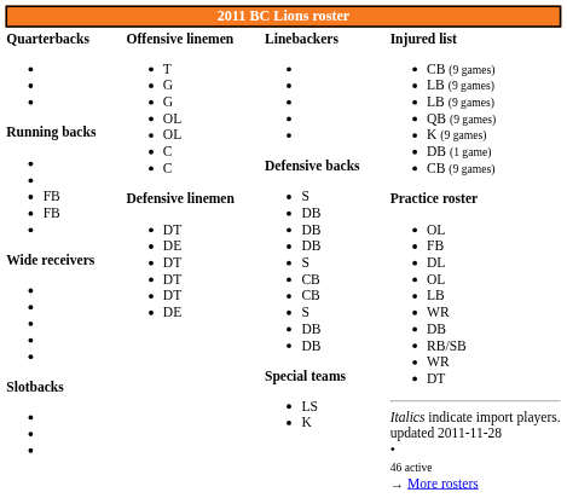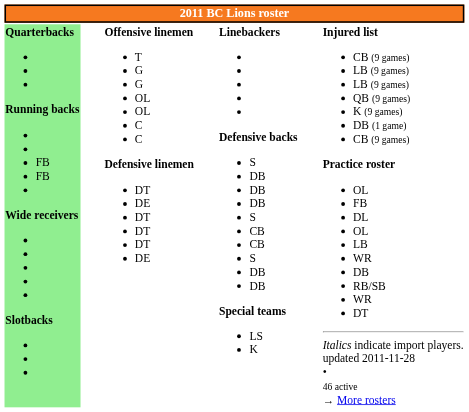 <table class="toccolours" style="text-align: left;">
 <tr>
 <th colspan="7" style="text-align:center; background:#f6791f; color:white; border:2px solid black;">2011 BC Lions roster</th>
 </tr>
 <tr>
-<td style="font-size:95%; vertical-align:top;"><strong>Quarterbacks</strong><br><ul><li></li><li></li><li></li></ul><strong>Running backs</strong><ul><li></li><li></li><li> FB</li><li> FB</li><li></li></ul><strong>Wide receivers</strong><ul><li></li><li></li><li></li><li></li><li></li></ul><strong>Slotbacks</strong><ul><li></li><li></li><li></li></ul></td>
+<td style="background: lightgreen; font-size:95%; vertical-align:top;"><strong>Quarterbacks</strong><br><ul><li></li><li></li><li></li></ul><strong>Running backs</strong><ul><li></li><li></li><li> FB</li><li> FB</li><li></li></ul><strong>Wide receivers</strong><ul><li></li><li></li><li></li><li></li><li></li></ul><strong>Slotbacks</strong><ul><li></li><li></li><li></li></ul></td>
 <td style="width: 25px;"></td>
 <td style="font-size:95%; vertical-align:top;"><strong>Offensive linemen</strong><br><ul><li> T</li><li> G</li><li> G</li><li> OL</li><li> OL</li><li> C</li><li> C</li></ul><strong>Defensive linemen</strong><ul><li> DT</li><li> DE</li><li> DT</li><li> DT</li><li> DT</li><li> DE</li></ul></td>
 <td style="width: 25px;"></td>
 <td style="font-size:95%; vertical-align:top;"><strong>Linebackers</strong><br><ul><li></li><li></li><li></li><li></li><li></li></ul><strong>Defensive backs</strong><ul><li> S</li><li> DB</li><li> DB</li><li> DB</li><li> S</li><li> CB</li><li> CB</li><li> S</li><li> DB</li><li> DB</li></ul><strong>Special teams</strong><ul><li> LS</li><li> K</li></ul></td>
 <td style="width: 25px;"><br></td>
 <td style="font-size:95%; vertical-align:top;"><strong>Injured list</strong><br><ul><li> CB  <small>(9 games)</small></li><li> LB  <small>(9 games)</small></li><li> LB  <small>(9 games)</small></li><li> QB  <small>(9 games)</small></li><li> K  <small>(9 games)</small></li><li> DB  <small>(1 game)</small></li><li> CB  <small>(9 games)</small></li></ul><strong>Practice roster</strong><ul><li> OL</li><li> FB</li><li> DL</li><li> OL</li><li> LB</li><li> WR</li><li> DB</li><li> RB/SB</li><li> WR</li><li> DT</li></ul><hr> <em>Italics</em> indicate import players.<br> <span></span> updated 2011-11-28<br> <span></span> • <span></span><br> <small>46 active</small><br>→ <a href='#'>More rosters</a></td>
 </tr>
 </table>
